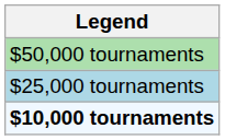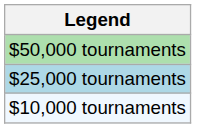 <table class="wikitable"  style=font-size:90%;>
 <tr>
 <th>Legend</th>
 </tr>
 <tr style="background:#addfad;">
 <td>$50,000 tournaments</td>
 </tr>
 <tr style="background:lightblue;">
 <td>$25,000 tournaments</td>
 </tr>
 <tr style="background:#f0f8ff;">
-<td><strong>$10,000 tournaments</strong></td>
+<td>$10,000 tournaments</td>
 </tr>
 </table>
